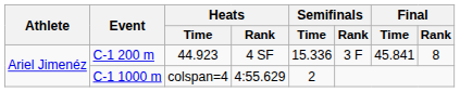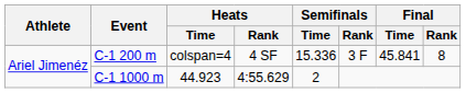 <table class=wikitable style="font-size:90%;">
 <tr>
 <th rowspan="2">Athlete</th>
 <th rowspan="2">Event</th>
 <th colspan=2>Heats</th>
 <th colspan=2>Semifinals</th>
 <th colspan=2>Final</th>
 </tr>
 <tr style="font-size:95%">
 <th>Time</th>
 <th>Rank</th>
 <th>Time</th>
 <th>Rank</th>
 <th>Time</th>
 <th>Rank</th>
 </tr>
 <tr align=center>
 <td align=left rowspan=2><a href='#'>Ariel Jimenéz</a></td>
 <td align=left><a href='#'>C-1 200 m</a></td>
-<td>44.923</td>
+<td>colspan=4 </td>
 <td>4 SF</td>
 <td>15.336</td>
 <td>3 F</td>
 <td>45.841</td>
 <td>8</td>
 </tr>
 <tr align=center>
 <td align=left><a href='#'>C-1 1000 m</a></td>
-<td>colspan=4 </td>
+<td>44.923</td>
 <td>4:55.629</td>
 <td>2</td>
 </tr>
 </table>
